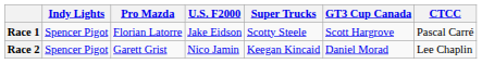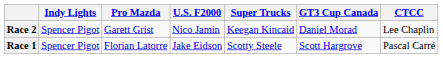 <table class="wikitable" " style="fontsize:95%">
 <tr>
 <th></th>
 <th><a href='#'>Indy Lights</a></th>
 <th><a href='#'>Pro Mazda</a></th>
 <th><a href='#'>U.S. F2000</a></th>
 <th><a href='#'>Super Trucks</a></th>
 <th><a href='#'>GT3 Cup Canada</a></th>
 <th><a href='#'>CTCC</a></th>
 </tr>
 <tr>
+<th scope="row">Race 2</th>
+<td> <a href='#'>Spencer Pigot</a></td>
+<td> <a href='#'>Garett Grist</a></td>
+<td> <a href='#'>Nico Jamin</a></td>
+<td> <a href='#'>Keegan Kincaid</a></td>
+<td> <a href='#'>Daniel Morad</a></td>
+<td> Lee Chaplin</td>
+</tr>
+<tr>
 <th scope="row">Race 1</th>
 <td> <a href='#'>Spencer Pigot</a></td>
 <td> <a href='#'>Florian Latorre</a></td>
 <td> <a href='#'>Jake Eidson</a></td>
 <td> <a href='#'>Scotty Steele</a></td>
 <td> <a href='#'>Scott Hargrove</a></td>
 <td> Pascal Carré</td>
 </tr>
-<tr>
-<th scope="row">Race 2</th>
-<td> <a href='#'>Spencer Pigot</a></td>
-<td> <a href='#'>Garett Grist</a></td>
-<td> <a href='#'>Nico Jamin</a></td>
-<td> <a href='#'>Keegan Kincaid</a></td>
-<td> <a href='#'>Daniel Morad</a></td>
-<td> Lee Chaplin</td>
-</tr>
 </table>
